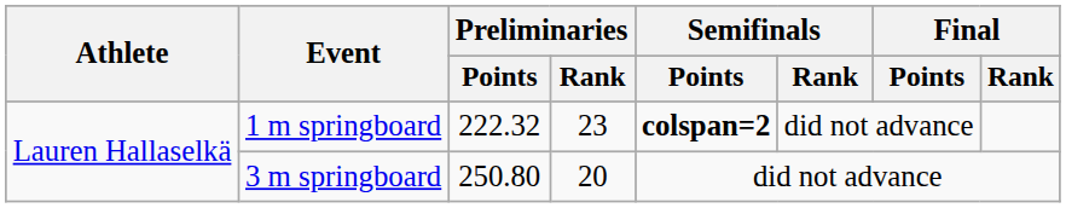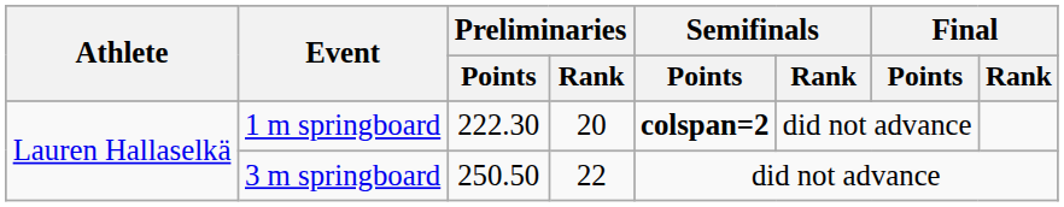 <table class="wikitable" style="text-align:center; font-size:90%">
 <tr>
 <th rowspan="2">Athlete</th>
 <th rowspan="2">Event</th>
 <th colspan="2">Preliminaries</th>
 <th colspan="2">Semifinals</th>
 <th colspan="2">Final</th>
 </tr>
 <tr style="font-size:95%">
 <th>Points</th>
 <th>Rank</th>
 <th>Points</th>
 <th>Rank</th>
 <th>Points</th>
 <th>Rank</th>
 </tr>
 <tr>
 <td rowspan=2 align=left><a href='#'>Lauren Hallaselkä</a></td>
 <td align=left><a href='#'>1 m springboard</a></td>
-<td>222.32</td>
-<td>23</td>
+<td>222.30</td>
+<td>20</td>
 <td><strong>colspan=2 </strong></td>
 <td colspan=2>did not advance</td>
 </tr>
 <tr>
 <td align=left><a href='#'>3 m springboard</a></td>
-<td>250.80</td>
-<td>20</td>
+<td>250.50</td>
+<td>22</td>
 <td colspan=4>did not advance</td>
 </tr>
 </table>
